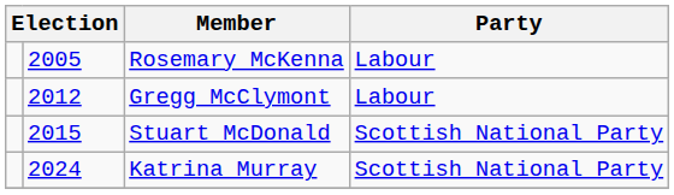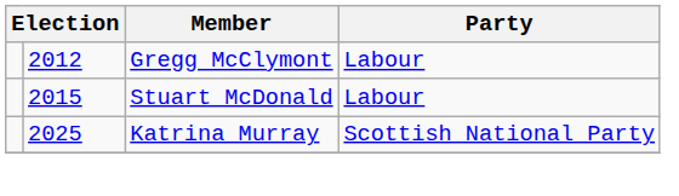 <table class="wikitable">
 <tr>
 <th colspan="2" scope="col">Election</th>
 <th scope="col">Member</th>
 <th scope="col">Party</th>
-</tr>
-<tr>
-<td style="color:inherit;background-color: "></td>
-<td><a href='#'>2005</a></td>
-<td><a href='#'>Rosemary McKenna</a></td>
-<td><a href='#'>Labour</a></td>
 </tr>
 <tr>
 <td style="color:inherit;background-color: "></td>
 <td><a href='#'>2012</a></td>
 <td><a href='#'>Gregg McClymont</a></td>
 <td><a href='#'>Labour</a></td>
 </tr>
 <tr>
 <td style="color:inherit;background-color: "></td>
 <td><a href='#'>2015</a></td>
 <td><a href='#'>Stuart McDonald</a></td>
-<td><a href='#'>Scottish National Party</a></td>
+<td><a href='#'>Labour</a></td>
 </tr>
 <tr>
 <td style="color:inherit;background-color: "></td>
-<td><a href='#'>2024</a></td>
+<td><a href='#'>2025</a></td>
 <td><a href='#'>Katrina Murray</a></td>
 <td><a href='#'>Scottish National Party</a></td>
 </tr>
 <tr>
 </tr>
 </table>
